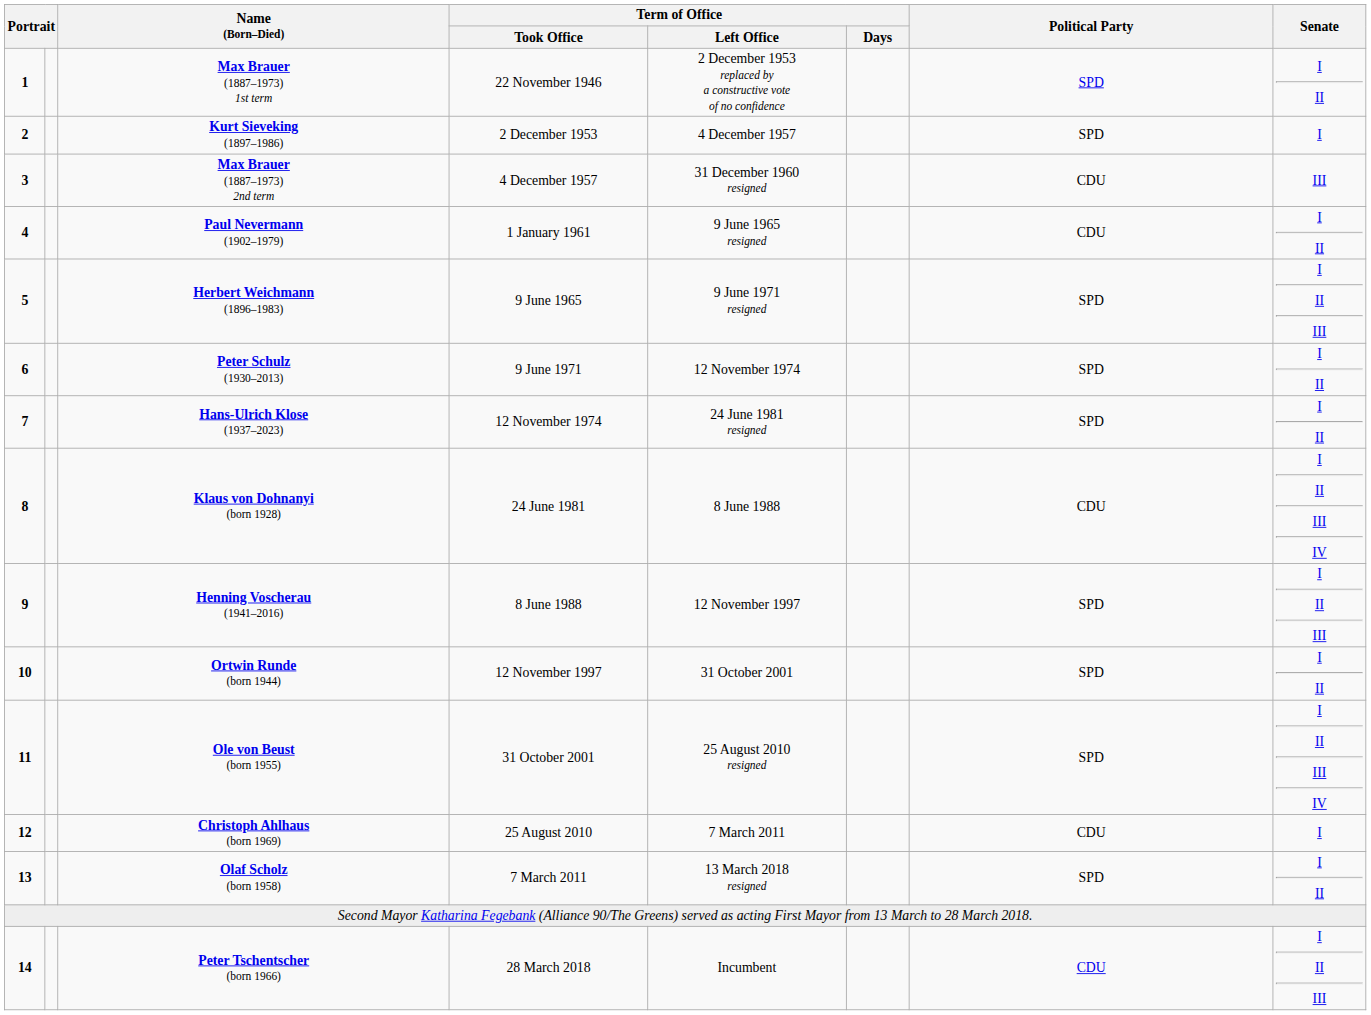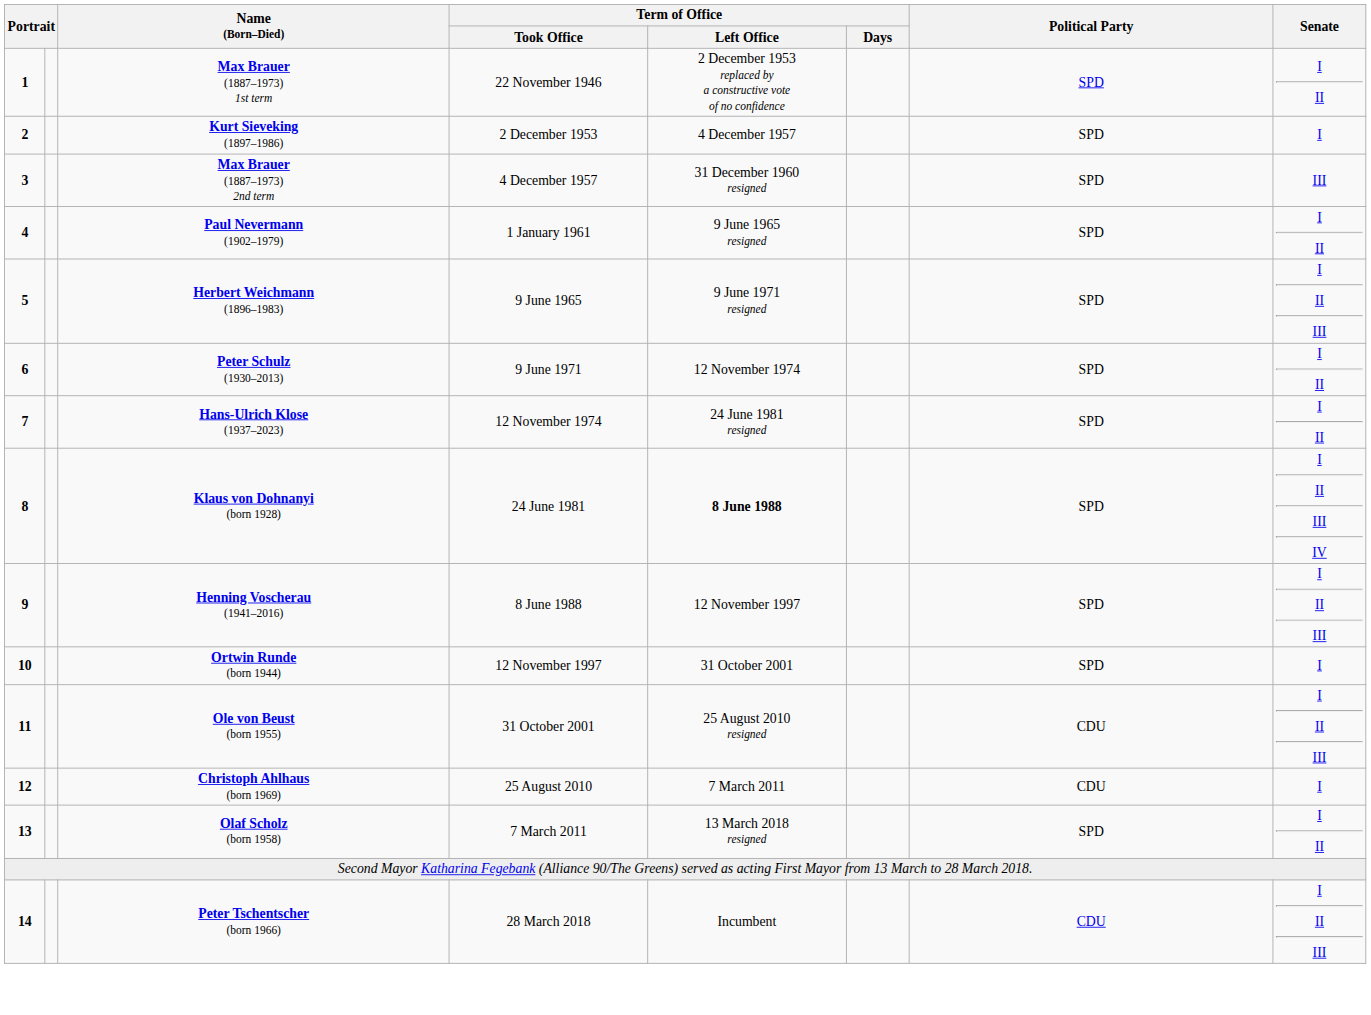 <table class="wikitable" style="text-align:center; width:100%; border:1px #AAAAFF solid">
 <tr>
 <th width=80px rowspan=2 colspan=2>Portrait</th>
 <th width=30% rowspan=2>Name<br><small>(Born–Died)</small></th>
 <th width=35% colspan=3>Term of Office</th>
 <th width=28% rowspan=2>Political Party</th>
 <th width=28% rowspan=2>Senate</th>
 </tr>
 <tr>
 <th>Took Office</th>
 <th>Left Office</th>
 <th>Days</th>
 </tr>
 <tr>
 <td style="background:"><strong>1</strong></td>
 <td></td>
 <td><strong><a href='#'>Max Brauer</a></strong><br><small>(1887–1973)<br><em>1st term</em></small></td>
 <td>22 November 1946</td>
 <td>2 December 1953<br><small><em>replaced by<br>a constructive vote<br>of no confidence</em></small></td>
 <td></td>
 <td><a href='#'>SPD</a></td>
 <td><a href='#'>I</a><hr><a href='#'>II</a></td>
 </tr>
 <tr>
 <td style="background:"><strong>2</strong></td>
 <td></td>
 <td><strong><a href='#'>Kurt Sieveking</a></strong><br><small>(1897–1986)</small></td>
 <td>2 December 1953</td>
 <td>4 December 1957</td>
 <td></td>
 <td>SPD</td>
 <td><a href='#'>I</a></td>
 </tr>
 <tr>
 <td style="background:"><strong>3</strong></td>
 <td></td>
 <td><strong><a href='#'>Max Brauer</a></strong><br><small>(1887–1973)<br><em>2nd term</em></small></td>
 <td>4 December 1957</td>
 <td>31 December 1960<br><small><em>resigned</em></small></td>
 <td></td>
-<td>CDU</td>
+<td>SPD</td>
 <td><a href='#'>III</a></td>
 </tr>
 <tr>
 <td style="background:"><strong>4</strong></td>
 <td></td>
 <td><strong><a href='#'>Paul Nevermann</a></strong><br><small>(1902–1979)</small></td>
 <td>1 January 1961</td>
 <td>9 June 1965<br><small><em>resigned</em></small></td>
 <td></td>
-<td>CDU</td>
+<td>SPD</td>
 <td><a href='#'>I</a><hr><a href='#'>II</a></td>
 </tr>
 <tr>
 <td style="background:"><strong>5</strong></td>
 <td></td>
 <td><strong><a href='#'>Herbert Weichmann</a></strong><br><small>(1896–1983)</small></td>
 <td>9 June 1965</td>
 <td>9 June 1971<br><small><em>resigned</em></small></td>
 <td></td>
 <td>SPD</td>
 <td><a href='#'>I</a><hr><a href='#'>II</a><hr><a href='#'>III</a></td>
 </tr>
 <tr>
 <td style="background:"><strong>6</strong></td>
 <td></td>
 <td><strong><a href='#'>Peter Schulz</a></strong><br><small>(1930–2013)</small></td>
 <td>9 June 1971</td>
 <td>12 November 1974</td>
 <td></td>
 <td>SPD</td>
 <td><a href='#'>I</a><hr><a href='#'>II</a></td>
 </tr>
 <tr>
 <td style="background:"><strong>7</strong></td>
 <td></td>
 <td><strong><a href='#'>Hans-Ulrich Klose</a></strong><br><small>(1937–2023)</small></td>
 <td>12 November 1974</td>
 <td>24 June 1981<br><small><em>resigned</em></small></td>
 <td></td>
 <td>SPD</td>
 <td><a href='#'>I</a><hr><a href='#'>II</a></td>
 </tr>
 <tr>
 <td style="background:"><strong>8</strong></td>
 <td></td>
 <td><strong><a href='#'>Klaus von Dohnanyi</a></strong><br><small>(born 1928)</small></td>
 <td>24 June 1981</td>
-<td>8 June 1988</td>
+<td><strong>8 June 1988</strong></td>
 <td></td>
-<td>CDU</td>
+<td>SPD</td>
 <td><a href='#'>I</a><hr><a href='#'>II</a><hr><a href='#'>III</a><hr><a href='#'>IV</a></td>
 </tr>
 <tr>
 <td style="background:"><strong>9</strong></td>
 <td></td>
 <td><strong><a href='#'>Henning Voscherau</a></strong><br><small>(1941–2016)</small></td>
 <td>8 June 1988</td>
 <td>12 November 1997</td>
 <td></td>
 <td>SPD</td>
 <td><a href='#'>I</a><hr><a href='#'>II</a><hr><a href='#'>III</a></td>
 </tr>
 <tr>
 <td style="background:"><strong>10</strong></td>
 <td></td>
 <td><strong><a href='#'>Ortwin Runde</a></strong><br><small>(born 1944)</small></td>
 <td>12 November 1997</td>
 <td>31 October 2001</td>
 <td></td>
 <td>SPD</td>
-<td><a href='#'>I</a><hr><a href='#'>II</a></td>
+<td><a href='#'>I</a></td>
 </tr>
 <tr>
 <td style="background:"><strong>11</strong></td>
 <td></td>
 <td><strong><a href='#'>Ole von Beust</a></strong><br><small>(born 1955)</small></td>
 <td>31 October 2001</td>
 <td>25 August 2010<br><small><em>resigned</em></small></td>
 <td></td>
-<td>SPD</td>
-<td><a href='#'>I</a><hr><a href='#'>II</a><hr><a href='#'>III</a><hr><a href='#'>IV</a></td>
+<td>CDU</td>
+<td><a href='#'>I</a><hr><a href='#'>II</a><hr><a href='#'>III</a></td>
 </tr>
 <tr>
 <td style="background:"><strong>12</strong></td>
 <td></td>
 <td><strong><a href='#'>Christoph Ahlhaus</a></strong><br><small>(born 1969)</small></td>
 <td>25 August 2010</td>
 <td>7 March 2011</td>
 <td></td>
 <td>CDU</td>
 <td><a href='#'>I</a></td>
 </tr>
 <tr>
 <td style="background:"><strong>13</strong></td>
 <td></td>
 <td><strong><a href='#'>Olaf Scholz</a></strong><br><small>(born 1958)</small></td>
 <td>7 March 2011</td>
 <td>13 March 2018<br><small><em>resigned</em></small></td>
 <td></td>
 <td>SPD</td>
 <td><a href='#'>I</a><hr><a href='#'>II</a></td>
 </tr>
 <tr>
 <td bgcolor=#EEEEEE colspan=10><em>Second Mayor <a href='#'>Katharina Fegebank</a> (Alliance 90/The Greens) served as acting First Mayor from 13 March to 28 March 2018.</em></td>
 </tr>
 <tr>
 <td style="background:"><strong>14</strong></td>
 <td></td>
 <td><strong><a href='#'>Peter Tschentscher</a></strong><br><small>(born 1966)</small></td>
 <td>28 March 2018</td>
 <td>Incumbent</td>
 <td></td>
 <td><a href='#'>CDU</a></td>
 <td><a href='#'>I</a><hr><a href='#'>II</a><hr><a href='#'>III</a></td>
 </tr>
 </table>
